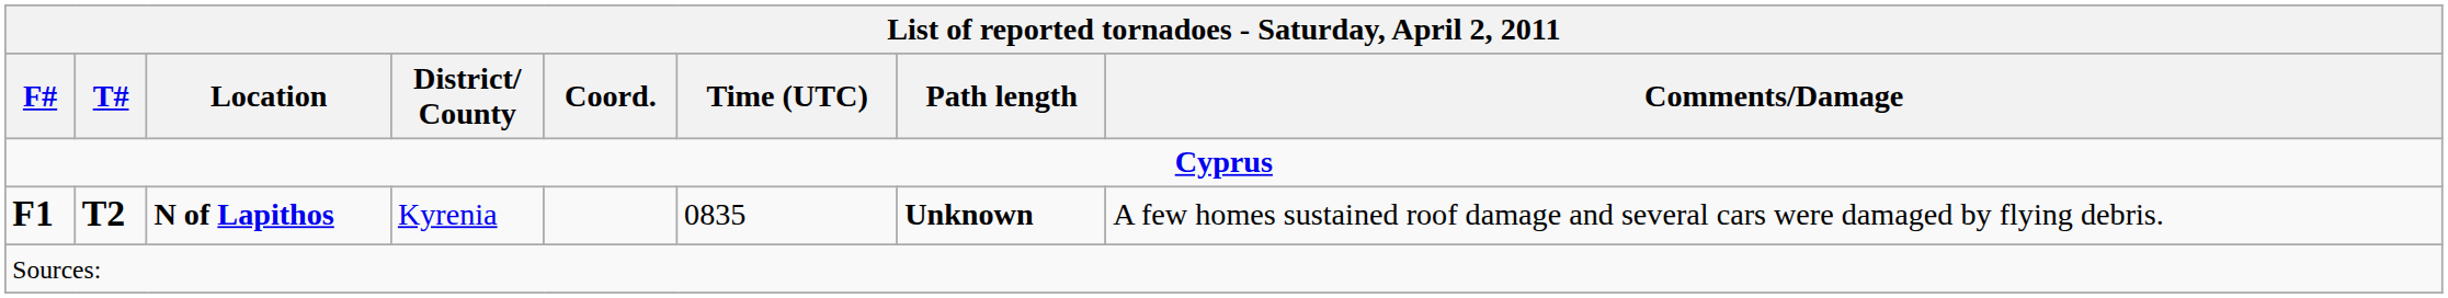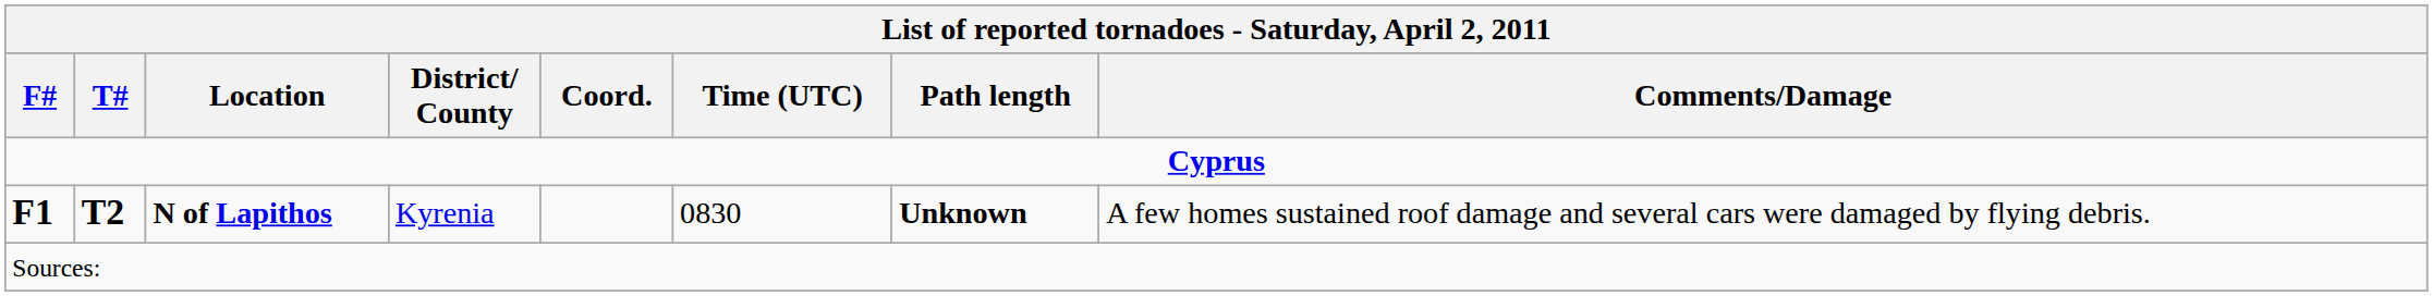 <table class="wikitable collapsible" width="100%">
 <tr>
 <th colspan="8">List of reported tornadoes - Saturday, April 2, 2011</th>
 </tr>
 <tr>
 <th><a href='#'>F#</a></th>
 <th><a href='#'>T#</a></th>
 <th>Location</th>
 <th>District/<br>County</th>
 <th>Coord.</th>
 <th>Time (UTC)</th>
 <th>Path length</th>
 <th>Comments/Damage</th>
 </tr>
 <tr>
 <td colspan="8" align=center><strong><a href='#'>Cyprus</a></strong></td>
 </tr>
 <tr>
 <td><big><strong>F1</strong></big></td>
 <td><big><strong>T2</strong></big></td>
 <td><strong>N of <a href='#'>Lapithos</a></strong></td>
 <td><a href='#'>Kyrenia</a></td>
 <td></td>
-<td>0835</td>
+<td>0830</td>
 <td><strong>Unknown</strong></td>
 <td>A few homes sustained roof damage and several cars were damaged by flying debris.</td>
 </tr>
 <tr>
 <td colspan="8"><small>Sources:  </small></td>
 </tr>
 </table>
